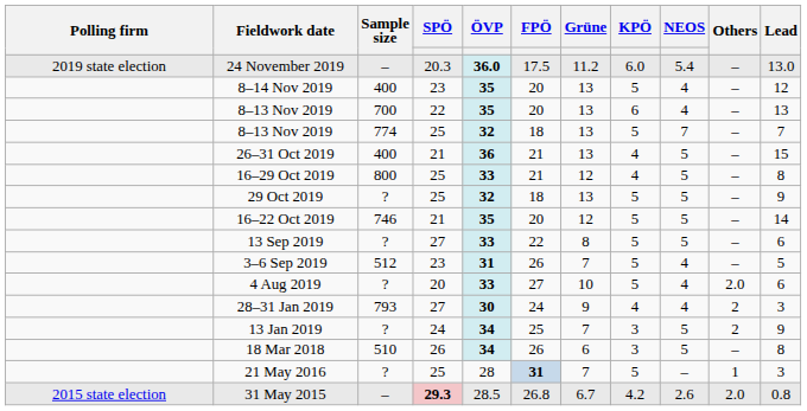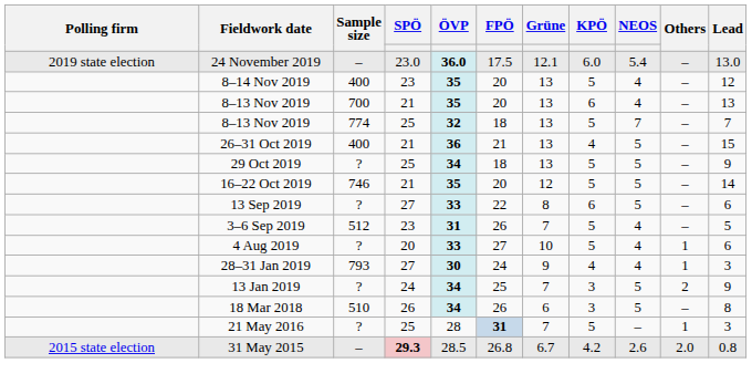 <table class="wikitable sortable" style="text-align:center;font-size:90%;line-height:14px;">
 <tr style="height:40px;">
 <th style="width:190px;" rowspan="2">Polling firm</th>
 <th style="width:130px;" rowspan="2">Fieldwork date</th>
 <th style="width:35px;" rowspan="2">Sample<br>size</th>
 <th class="unsortable" style="width:40px;"><a href='#'>SPÖ</a></th>
 <th class="unsortable" style="width:40px;"><a href='#'>ÖVP</a></th>
 <th class="unsortable" style="width:40px;"><a href='#'>FPÖ</a></th>
 <th class="unsortable" style="width:40px;"><a href='#'>Grüne</a></th>
 <th class="unsortable" style="width:40px;"><a href='#'>KPÖ</a></th>
 <th class="unsortable" style="width:40px;"><a href='#'>NEOS</a></th>
 <th class="unsortable" style="width:40px;" rowspan="2">Others</th>
 <th style="width:30px;" rowspan="2">Lead</th>
 </tr>
 <tr>
 <th style="background:"></th>
 <th style="background:"></th>
 <th style="background:"></th>
 <th style="background:"></th>
 <th style="background:"></th>
 <th style="background:"></th>
 </tr>
 <tr style="background:#E9E9E9;">
 <td>2019 state election</td>
 <td data-sort-value="2019-11-24">24 November 2019</td>
 <td>–</td>
-<td>20.3</td>
+<td>23.0</td>
 <td style="background:#D2EDF1;"><strong>36.0</strong></td>
 <td>17.5</td>
-<td>11.2</td>
+<td>12.1</td>
 <td>6.0</td>
 <td>5.4</td>
 <td>–</td>
 <td style="background:">13.0</td>
 </tr>
 <tr>
 <td></td>
 <td data-sort-value="2019-11-14">8–14 Nov 2019</td>
 <td>400</td>
 <td>23</td>
 <td style="background:#D2EDF1;"><strong>35</strong></td>
 <td>20</td>
 <td>13</td>
 <td>5</td>
 <td>4</td>
 <td>–</td>
 <td style="background:">12</td>
 </tr>
 <tr>
 <td></td>
 <td data-sort-value="2019-11-16">8–13 Nov 2019</td>
 <td>700</td>
-<td>22</td>
+<td>21</td>
 <td style="background:#D2EDF1;"><strong>35</strong></td>
 <td>20</td>
 <td>13</td>
 <td>6</td>
 <td>4</td>
 <td>–</td>
 <td style="background:">13</td>
 </tr>
 <tr>
 <td></td>
 <td data-sort-value="2019-11-13">8–13 Nov 2019</td>
 <td>774</td>
 <td>25</td>
 <td style="background:#D2EDF1;"><strong>32</strong></td>
 <td>18</td>
 <td>13</td>
 <td>5</td>
 <td>7</td>
 <td>–</td>
 <td style="background:">7</td>
 </tr>
 <tr>
 <td></td>
 <td data-sort-value="2019-10-31">26–31 Oct 2019</td>
 <td>400</td>
 <td>21</td>
 <td style="background:#D2EDF1;"><strong>36</strong></td>
 <td>21</td>
 <td>13</td>
 <td>4</td>
 <td>5</td>
 <td>–</td>
 <td style="background:">15</td>
 </tr>
 <tr>
 <td></td>
-<td data-sort-value="2019-10-29">16–29 Oct 2019</td>
-<td>800</td>
-<td>25</td>
-<td style="background:#D2EDF1;"><strong>33</strong></td>
-<td>21</td>
-<td>12</td>
-<td>4</td>
-<td>5</td>
-<td>–</td>
-<td style="background:">8</td>
-</tr>
-<tr>
-<td></td>
 <td data-sort-value="2019-10-29">29 Oct 2019</td>
 <td>?</td>
 <td>25</td>
-<td style="background:#D2EDF1;"><strong>32</strong></td>
+<td style="background:#D2EDF1;"><strong>34</strong></td>
 <td>18</td>
 <td>13</td>
 <td>5</td>
 <td>5</td>
 <td>–</td>
 <td style="background:">9</td>
 </tr>
 <tr>
 <td></td>
 <td data-sort-value="2019-10-22">16–22 Oct 2019</td>
 <td>746</td>
 <td>21</td>
 <td style="background:#D2EDF1;"><strong>35</strong></td>
 <td>20</td>
 <td>12</td>
 <td>5</td>
 <td>5</td>
 <td>–</td>
 <td style="background:">14</td>
 </tr>
 <tr>
 <td></td>
 <td data-sort-value="2019-09-13">13 Sep 2019</td>
 <td>?</td>
 <td>27</td>
 <td style="background:#D2EDF1;"><strong>33</strong></td>
 <td>22</td>
 <td>8</td>
-<td>5</td>
+<td>6</td>
 <td>5</td>
 <td>–</td>
 <td style="background:">6</td>
 </tr>
 <tr>
 <td></td>
 <td data-sort-value="2019-09-06">3–6 Sep 2019</td>
 <td>512</td>
 <td>23</td>
 <td style="background:#D2EDF1;"><strong>31</strong></td>
 <td>26</td>
 <td>7</td>
 <td>5</td>
 <td>4</td>
 <td>–</td>
 <td style="background:">5</td>
 </tr>
 <tr>
 <td></td>
 <td data-sort-value="2019-08-04">4 Aug 2019</td>
 <td>?</td>
 <td>20</td>
 <td style="background:#D2EDF1;"><strong>33</strong></td>
 <td>27</td>
 <td>10</td>
 <td>5</td>
 <td>4</td>
-<td>2.0</td>
+<td>1</td>
 <td style="background:">6</td>
 </tr>
 <tr>
 <td></td>
 <td data-sort-value="2019-01-31">28–31 Jan 2019</td>
 <td>793</td>
 <td>27</td>
 <td style="background:#D2EDF1;"><strong>30</strong></td>
 <td>24</td>
 <td>9</td>
 <td>4</td>
 <td>4</td>
-<td>2</td>
+<td>1</td>
 <td style="background:">3</td>
 </tr>
 <tr>
 <td></td>
 <td data-sort-value="2019-01-13">13 Jan 2019</td>
 <td>?</td>
 <td>24</td>
 <td style="background:#D2EDF1;"><strong>34</strong></td>
 <td>25</td>
 <td>7</td>
 <td>3</td>
 <td>5</td>
 <td>2</td>
 <td style="background:">9</td>
 </tr>
 <tr>
 <td></td>
 <td data-sort-value="2018-03-18">18 Mar 2018</td>
 <td>510</td>
 <td>26</td>
 <td style="background:#D2EDF1;"><strong>34</strong></td>
 <td>26</td>
 <td>6</td>
 <td>3</td>
 <td>5</td>
 <td>–</td>
 <td style="background:">8</td>
 </tr>
 <tr>
 <td></td>
 <td data-sort-value="2016-05-21">21 May 2016</td>
 <td>?</td>
 <td>25</td>
 <td>28</td>
 <td style="background:#C6D9EA;"><strong>31</strong></td>
 <td>7</td>
 <td>5</td>
 <td>–</td>
 <td>1</td>
 <td style="background:">3</td>
 </tr>
 <tr style="background:#E9E9E9;">
 <td><a href='#'>2015 state election</a></td>
 <td data-sort-value="2015-05-31">31 May 2015</td>
 <td>–</td>
 <td style="background:#F4C6C9;"><strong>29.3</strong></td>
 <td>28.5</td>
 <td>26.8</td>
 <td>6.7</td>
 <td>4.2</td>
 <td>2.6</td>
 <td>2.0</td>
 <td style="background:">0.8</td>
 </tr>
 </table>
